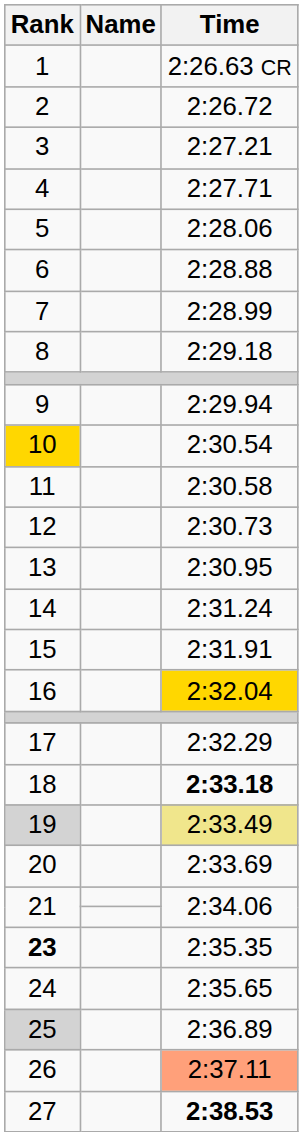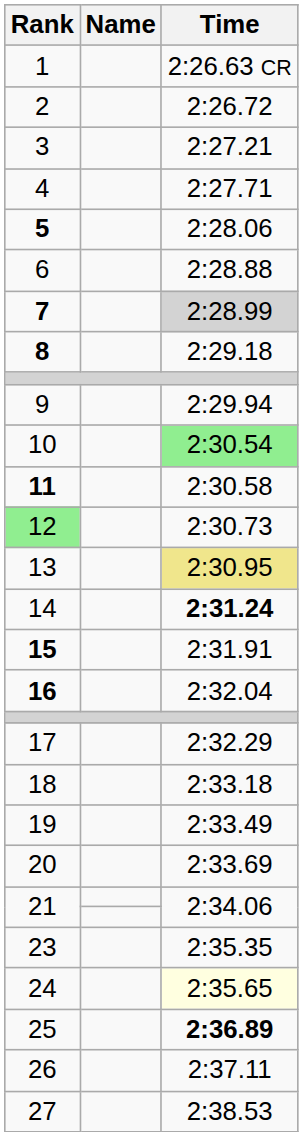 <table class="wikitable">
 <tr>
 <th>Rank</th>
 <th>Name</th>
 <th>Time</th>
 </tr>
 <tr>
 <td align="center">1</td>
 <td></td>
 <td align="center">2:26.63 <small>CR</small></td>
 </tr>
 <tr>
 <td align="center">2</td>
 <td></td>
 <td align="center">2:26.72</td>
 </tr>
 <tr>
 <td align="center">3</td>
 <td></td>
 <td align="center">2:27.21</td>
 </tr>
 <tr>
 <td align="center">4</td>
 <td></td>
 <td align="center">2:27.71</td>
 </tr>
 <tr>
-<td align="center">5</td>
+<td align="center"><strong>5</strong></td>
 <td></td>
 <td align="center">2:28.06</td>
 </tr>
 <tr>
 <td align="center">6</td>
 <td></td>
 <td align="center">2:28.88</td>
 </tr>
 <tr>
-<td align="center">7</td>
+<td align="center"><strong>7</strong></td>
 <td></td>
-<td align="center">2:28.99</td>
+<td align="center" style="background: lightgrey;">2:28.99</td>
 </tr>
 <tr>
-<td align="center">8</td>
+<td align="center"><strong>8</strong></td>
 <td></td>
 <td align="center">2:29.18</td>
 </tr>
 <tr>
 <td colspan=3 bgcolor=lightgray></td>
 </tr>
 <tr>
 <td align="center">9</td>
 <td></td>
 <td align="center">2:29.94</td>
 </tr>
 <tr>
-<td align="center" style="background: gold;">10</td>
+<td align="center">10</td>
 <td></td>
-<td align="center">2:30.54</td>
+<td align="center" style="background: lightgreen;">2:30.54</td>
 </tr>
 <tr>
-<td align="center">11</td>
+<td align="center"><strong>11</strong></td>
 <td></td>
 <td align="center">2:30.58</td>
 </tr>
 <tr>
-<td align="center">12</td>
+<td align="center" style="background: lightgreen;">12</td>
 <td></td>
 <td align="center">2:30.73</td>
 </tr>
 <tr>
 <td align="center">13</td>
 <td></td>
-<td align="center">2:30.95</td>
+<td align="center" style="background: khaki;">2:30.95</td>
 </tr>
 <tr>
 <td align="center">14</td>
 <td></td>
-<td align="center">2:31.24</td>
+<td align="center"><strong>2:31.24</strong></td>
 </tr>
 <tr>
-<td align="center">15</td>
+<td align="center"><strong>15</strong></td>
 <td></td>
 <td align="center">2:31.91</td>
 </tr>
 <tr>
-<td align="center">16</td>
+<td align="center"><strong>16</strong></td>
 <td></td>
-<td align="center" style="background: gold;">2:32.04</td>
+<td align="center">2:32.04</td>
 </tr>
 <tr>
 <td colspan=3 bgcolor=lightgray></td>
 </tr>
 <tr>
 <td align="center">17</td>
 <td></td>
 <td align="center">2:32.29</td>
 </tr>
 <tr>
 <td align="center">18</td>
 <td></td>
-<td align="center"><strong>2:33.18</strong></td>
+<td align="center">2:33.18</td>
 </tr>
 <tr>
-<td align="center" style="background: lightgrey;">19</td>
+<td align="center">19</td>
 <td></td>
-<td align="center" style="background: khaki;">2:33.49</td>
+<td align="center">2:33.49</td>
 </tr>
 <tr>
 <td align="center">20</td>
 <td></td>
 <td align="center">2:33.69</td>
 </tr>
 <tr>
 <td rowspan=2 align="center">21</td>
 <td></td>
 <td rowspan=2 align="center">2:34.06</td>
 </tr>
 <tr>
 <td></td>
 </tr>
 <tr>
-<td align="center"><strong>23</strong></td>
+<td align="center">23</td>
 <td></td>
 <td align="center">2:35.35</td>
 </tr>
 <tr>
 <td align="center">24</td>
 <td></td>
-<td align="center">2:35.65</td>
+<td align="center" style="background: lightyellow;">2:35.65</td>
 </tr>
 <tr>
-<td align="center" style="background: lightgrey;">25</td>
+<td align="center">25</td>
 <td></td>
-<td align="center">2:36.89</td>
+<td align="center"><strong>2:36.89</strong></td>
 </tr>
 <tr>
 <td align="center">26</td>
 <td></td>
-<td align="center" style="background: lightsalmon;">2:37.11</td>
+<td align="center">2:37.11</td>
 </tr>
 <tr>
 <td align="center">27</td>
 <td></td>
-<td align="center"><strong>2:38.53</strong></td>
+<td align="center">2:38.53</td>
 </tr>
 </table>
